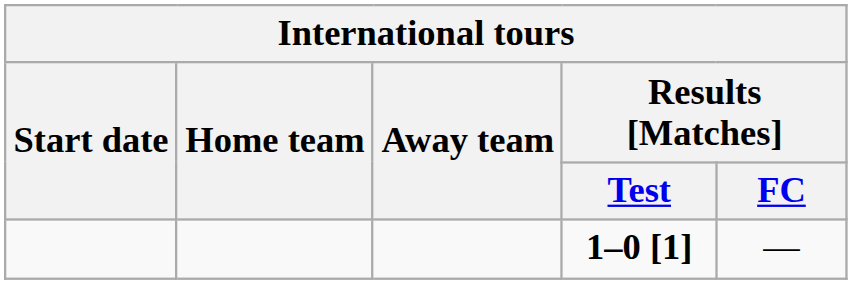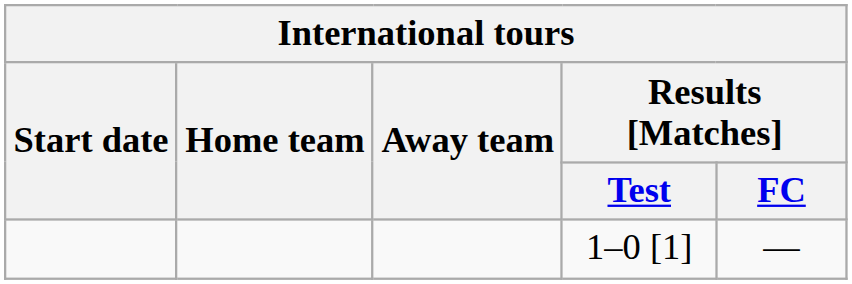 <table class="wikitable" style="text-align:center;">
 <tr>
 <th colspan="7">International tours</th>
 </tr>
 <tr>
 <th rowspan="2">Start date</th>
 <th rowspan="2">Home team</th>
 <th rowspan="2">Away team</th>
 <th colspan="4">Results [Matches]</th>
 </tr>
 <tr>
 <th width=60px><a href='#'>Test</a></th>
 <th width=50px><a href='#'>FC</a></th>
 </tr>
 <tr>
 <td><a href='#'></a></td>
 <td style="text-align:left"></td>
 <td style="text-align:left"></td>
-<td><strong>1–0 [1]</strong></td>
+<td>1–0 [1]</td>
 <td ; style="text-align:center">—</td>
 </tr>
 </table>
